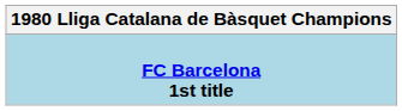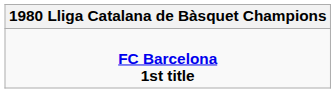 <table class=wikitable style="text-align:center; margin:auto">
 <tr>
 <th>1980 Lliga Catalana de Bàsquet Champions</th>
 </tr>
 <tr>
-<td style="background: lightblue;"> <br> <strong><a href='#'>FC Barcelona</a></strong> <br> <strong>1st title</strong></td>
+<td> <br> <strong><a href='#'>FC Barcelona</a></strong> <br> <strong>1st title</strong></td>
 </tr>
 </table>
